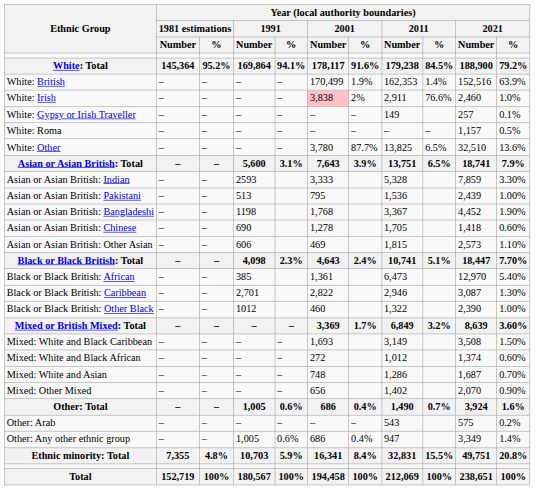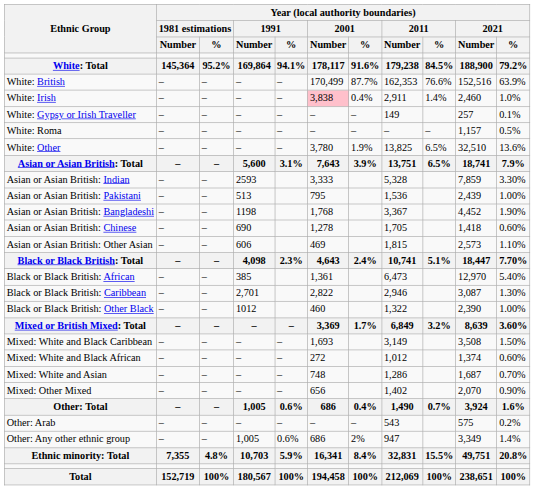 <table class="wikitable sortable mw-collapsible mw-collapsed">
 <tr>
 <th rowspan="3">Ethnic Group</th>
 <th colspan="10">Year (local authority boundaries)</th>
 </tr>
 <tr>
 <th colspan="2">1981 estimations</th>
 <th colspan="2">1991</th>
 <th colspan="2">2001</th>
 <th colspan="2">2011</th>
 <th colspan="2">2021</th>
 </tr>
 <tr>
 <th>Number</th>
 <th>%</th>
 <th>Number</th>
 <th>%</th>
 <th>Number</th>
 <th>%</th>
 <th>Number</th>
 <th>%</th>
 <th>Number</th>
 <th>%</th>
 </tr>
 <tr>
 <td></td>
 <td></td>
 <td></td>
 <td></td>
 <td></td>
 <td></td>
 <td></td>
 <td></td>
 <td></td>
 <td></td>
 <td></td>
 </tr>
 <tr>
 <th><a href='#'>White</a>: Total</th>
 <th>145,364</th>
 <th>95.2%</th>
 <th>169,864</th>
 <th>94.1%</th>
 <th>178,117</th>
 <th>91.6%</th>
 <th>179,238</th>
 <th>84.5%</th>
 <th>188,900</th>
 <th>79.2%</th>
 </tr>
 <tr>
 <td>White: <a href='#'>British</a></td>
 <td>–</td>
 <td>–</td>
 <td>–</td>
 <td>–</td>
 <td>170,499</td>
-<td>1.9%</td>
+<td>87.7%</td>
 <td>162,353</td>
-<td>1.4%</td>
+<td>76.6%</td>
 <td>152,516</td>
 <td>63.9%</td>
 </tr>
 <tr>
 <td>White: <a href='#'>Irish</a></td>
 <td>–</td>
 <td>–</td>
 <td>–</td>
 <td>–</td>
 <td style="background: pink;">3,838</td>
-<td>2%</td>
+<td>0.4%</td>
 <td>2,911</td>
-<td>76.6%</td>
+<td>1.4%</td>
 <td>2,460</td>
 <td>1.0%</td>
 </tr>
 <tr>
 <td>White: <a href='#'>Gypsy or Irish Traveller</a></td>
 <td>–</td>
 <td>–</td>
 <td>–</td>
 <td>–</td>
 <td>–</td>
 <td>–</td>
 <td>149</td>
 <td></td>
 <td>257</td>
 <td>0.1%</td>
 </tr>
 <tr>
 <td>White: Roma</td>
 <td>–</td>
 <td>–</td>
 <td>–</td>
 <td>–</td>
 <td>–</td>
 <td>–</td>
 <td>–</td>
 <td>–</td>
 <td>1,157</td>
 <td>0.5%</td>
 </tr>
 <tr>
 <td>White: <a href='#'>Other</a></td>
 <td>–</td>
 <td>–</td>
 <td>–</td>
 <td>–</td>
 <td>3,780</td>
-<td>87.7%</td>
+<td>1.9%</td>
 <td>13,825</td>
 <td>6.5%</td>
 <td>32,510</td>
 <td>13.6%</td>
 </tr>
 <tr>
 <th><a href='#'>Asian or Asian British</a>: Total</th>
 <th>–</th>
 <th>–</th>
 <th>5,600</th>
 <th>3.1%</th>
 <th>7,643</th>
 <th>3.9%</th>
 <th>13,751</th>
 <th>6.5%</th>
 <th>18,741</th>
 <th>7.9%</th>
 </tr>
 <tr>
 <td>Asian or Asian British: <a href='#'>Indian</a></td>
 <td>–</td>
 <td>–</td>
 <td>2593</td>
 <td></td>
 <td>3,333</td>
 <td></td>
 <td>5,328</td>
 <td></td>
 <td>7,859</td>
 <td>3.30%</td>
 </tr>
 <tr>
 <td>Asian or Asian British: <a href='#'>Pakistani</a></td>
 <td>–</td>
 <td>–</td>
 <td>513</td>
 <td></td>
 <td>795</td>
 <td></td>
 <td>1,536</td>
 <td></td>
 <td>2,439</td>
 <td>1.00%</td>
 </tr>
 <tr>
 <td>Asian or Asian British: <a href='#'>Bangladeshi</a></td>
 <td>–</td>
 <td>–</td>
 <td>1198</td>
 <td></td>
 <td>1,768</td>
 <td></td>
 <td>3,367</td>
 <td></td>
 <td>4,452</td>
 <td>1.90%</td>
 </tr>
 <tr>
 <td>Asian or Asian British: <a href='#'>Chinese</a></td>
 <td>–</td>
 <td>–</td>
 <td>690</td>
 <td></td>
 <td>1,278</td>
 <td></td>
 <td>1,705</td>
 <td></td>
 <td>1,418</td>
 <td>0.60%</td>
 </tr>
 <tr>
 <td>Asian or Asian British: Other Asian</td>
 <td>–</td>
 <td>–</td>
 <td>606</td>
 <td></td>
 <td>469</td>
 <td></td>
 <td>1,815</td>
 <td></td>
 <td>2,573</td>
 <td>1.10%</td>
 </tr>
 <tr>
 <th><a href='#'>Black or Black British</a>: Total</th>
 <th>–</th>
 <th>–</th>
 <th>4,098</th>
 <th>2.3%</th>
 <th>4,643</th>
 <th>2.4%</th>
 <th>10,741</th>
 <th>5.1%</th>
 <th>18,447</th>
 <th>7.70%</th>
 </tr>
 <tr>
 <td>Black or Black British: <a href='#'>African</a></td>
 <td>–</td>
 <td>–</td>
 <td>385</td>
 <td></td>
 <td>1,361</td>
 <td></td>
 <td>6,473</td>
 <td></td>
 <td>12,970</td>
 <td>5.40%</td>
 </tr>
 <tr>
 <td>Black or Black British: <a href='#'>Caribbean</a></td>
 <td>–</td>
 <td>–</td>
 <td>2,701</td>
 <td></td>
 <td>2,822</td>
 <td></td>
 <td>2,946</td>
 <td></td>
 <td>3,087</td>
 <td>1.30%</td>
 </tr>
 <tr>
 <td>Black or Black British: <a href='#'>Other Black</a></td>
 <td>–</td>
 <td>–</td>
 <td>1012</td>
 <td></td>
 <td>460</td>
 <td></td>
 <td>1,322</td>
 <td></td>
 <td>2,390</td>
 <td>1.00%</td>
 </tr>
 <tr>
 <th><a href='#'>Mixed or British Mixed</a>: Total</th>
 <th>–</th>
 <th>–</th>
 <th>–</th>
 <th>–</th>
 <th>3,369</th>
 <th>1.7%</th>
 <th>6,849</th>
 <th>3.2%</th>
 <th>8,639</th>
 <th>3.60%</th>
 </tr>
 <tr>
 <td>Mixed: White and Black Caribbean</td>
 <td>–</td>
 <td>–</td>
 <td>–</td>
 <td>–</td>
 <td>1,693</td>
 <td></td>
 <td>3,149</td>
 <td></td>
 <td>3,508</td>
 <td>1.50%</td>
 </tr>
 <tr>
 <td>Mixed: White and Black African</td>
 <td>–</td>
 <td>–</td>
 <td>–</td>
 <td>–</td>
 <td>272</td>
 <td></td>
 <td>1,012</td>
 <td></td>
 <td>1,374</td>
 <td>0.60%</td>
 </tr>
 <tr>
 <td>Mixed: White and Asian</td>
 <td>–</td>
 <td>–</td>
 <td>–</td>
 <td>–</td>
 <td>748</td>
 <td></td>
 <td>1,286</td>
 <td></td>
 <td>1,687</td>
 <td>0.70%</td>
 </tr>
 <tr>
 <td>Mixed: Other Mixed</td>
 <td>–</td>
 <td>–</td>
 <td>–</td>
 <td>–</td>
 <td>656</td>
 <td></td>
 <td>1,402</td>
 <td></td>
 <td>2,070</td>
 <td>0.90%</td>
 </tr>
 <tr>
 <th>Other: Total</th>
 <th>–</th>
 <th>–</th>
 <th>1,005</th>
 <th>0.6%</th>
 <th>686</th>
 <th>0.4%</th>
 <th>1,490</th>
 <th>0.7%</th>
 <th>3,924</th>
 <th>1.6%</th>
 </tr>
 <tr>
 <td>Other: Arab</td>
 <td>–</td>
 <td>–</td>
 <td>–</td>
 <td>–</td>
 <td>–</td>
 <td>–</td>
 <td>543</td>
 <td></td>
 <td>575</td>
 <td>0.2%</td>
 </tr>
 <tr>
 <td>Other: Any other ethnic group</td>
 <td>–</td>
 <td>–</td>
 <td>1,005</td>
 <td>0.6%</td>
 <td>686</td>
-<td>0.4%</td>
+<td>2%</td>
 <td>947</td>
 <td></td>
 <td>3,349</td>
 <td>1.4%</td>
 </tr>
 <tr>
 <th>Ethnic minority: Total</th>
 <th>7,355</th>
 <th>4.8%</th>
 <th>10,703</th>
 <th>5.9%</th>
 <th>16,341</th>
 <th>8.4%</th>
 <th>32,831</th>
 <th>15.5%</th>
 <th>49,751</th>
 <th>20.8%</th>
 </tr>
 <tr>
 <td></td>
 <td></td>
 <td></td>
 <td></td>
 <td></td>
 <td></td>
 <td></td>
 <td></td>
 <td></td>
 <td></td>
 <td></td>
 </tr>
 <tr>
 <th>Total</th>
 <th>152,719</th>
 <th>100%</th>
 <th>180,567</th>
 <th>100%</th>
 <th>194,458</th>
 <th>100%</th>
 <th>212,069</th>
 <th>100%</th>
 <th>238,651</th>
 <th>100%</th>
 </tr>
 </table>
